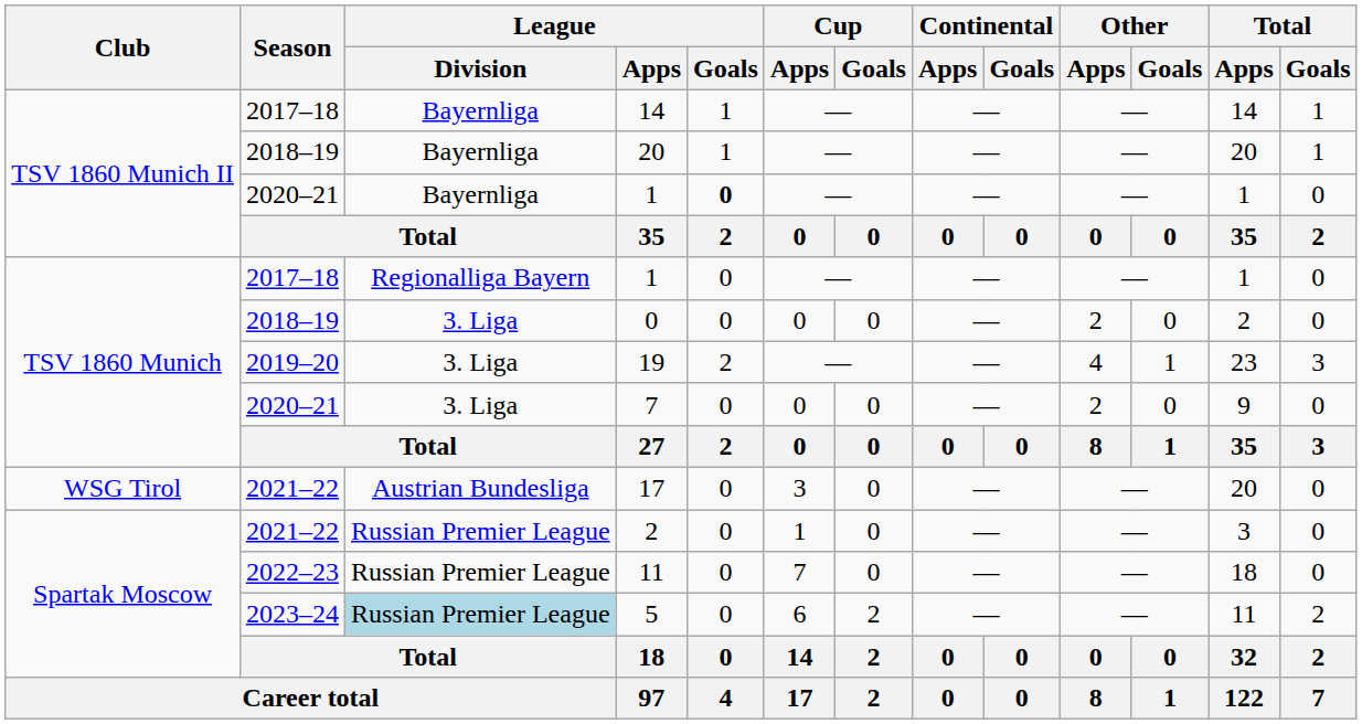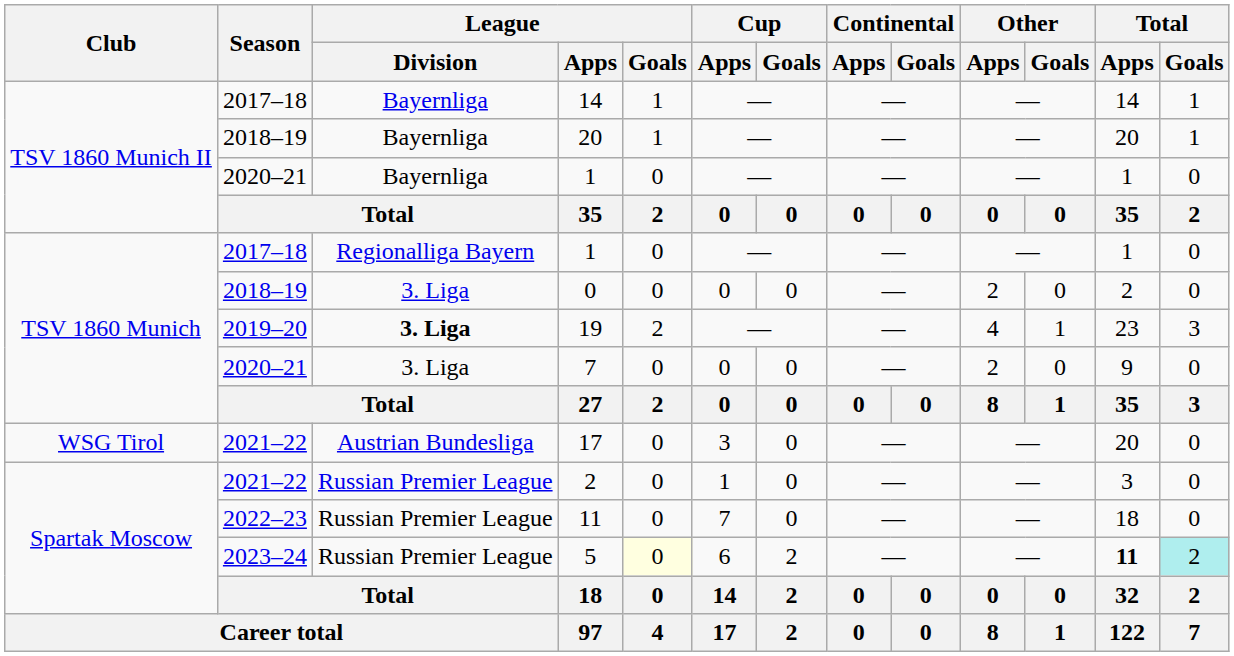 <table class="wikitable" style="text-align: center;">
 <tr>
 <th rowspan=2>Club</th>
 <th rowspan=2>Season</th>
 <th colspan=3>League</th>
 <th colspan=2>Cup</th>
 <th colspan=2>Continental</th>
 <th colspan=2>Other</th>
 <th colspan=2>Total</th>
 </tr>
 <tr>
 <th>Division</th>
 <th>Apps</th>
 <th>Goals</th>
 <th>Apps</th>
 <th>Goals</th>
 <th>Apps</th>
 <th>Goals</th>
 <th>Apps</th>
 <th>Goals</th>
 <th>Apps</th>
 <th>Goals</th>
 </tr>
 <tr>
 <td rowspan="4"><a href='#'>TSV 1860 Munich II</a></td>
 <td>2017–18</td>
 <td><a href='#'>Bayernliga</a></td>
 <td>14</td>
 <td>1</td>
 <td colspan=2>—</td>
 <td colspan=2>—</td>
 <td colspan=2>—</td>
 <td>14</td>
 <td>1</td>
 </tr>
 <tr>
 <td>2018–19</td>
 <td>Bayernliga</td>
 <td>20</td>
 <td>1</td>
 <td colspan=2>—</td>
 <td colspan=2>—</td>
 <td colspan=2>—</td>
 <td>20</td>
 <td>1</td>
 </tr>
 <tr>
 <td>2020–21</td>
 <td>Bayernliga</td>
 <td>1</td>
-<td><strong>0</strong></td>
+<td>0</td>
 <td colspan=2>—</td>
 <td colspan=2>—</td>
 <td colspan=2>—</td>
 <td>1</td>
 <td>0</td>
 </tr>
 <tr>
 <th colspan=2>Total</th>
 <th>35</th>
 <th>2</th>
 <th>0</th>
 <th>0</th>
 <th>0</th>
 <th>0</th>
 <th>0</th>
 <th>0</th>
 <th>35</th>
 <th>2</th>
 </tr>
 <tr>
 <td rowspan="5"><a href='#'>TSV 1860 Munich</a></td>
 <td><a href='#'>2017–18</a></td>
 <td><a href='#'>Regionalliga Bayern</a></td>
 <td>1</td>
 <td>0</td>
 <td colspan=2>—</td>
 <td colspan=2>—</td>
 <td colspan=2>—</td>
 <td>1</td>
 <td>0</td>
 </tr>
 <tr>
 <td><a href='#'>2018–19</a></td>
 <td><a href='#'>3. Liga</a></td>
 <td>0</td>
 <td>0</td>
 <td>0</td>
 <td>0</td>
 <td colspan=2>—</td>
 <td>2</td>
 <td>0</td>
 <td>2</td>
 <td>0</td>
 </tr>
 <tr>
 <td><a href='#'>2019–20</a></td>
-<td>3. Liga</td>
+<td><strong>3. Liga</strong></td>
 <td>19</td>
 <td>2</td>
 <td colspan=2>—</td>
 <td colspan=2>—</td>
 <td>4</td>
 <td>1</td>
 <td>23</td>
 <td>3</td>
 </tr>
 <tr>
 <td><a href='#'>2020–21</a></td>
 <td>3. Liga</td>
 <td>7</td>
 <td>0</td>
 <td>0</td>
 <td>0</td>
 <td colspan=2>—</td>
 <td>2</td>
 <td>0</td>
 <td>9</td>
 <td>0</td>
 </tr>
 <tr>
 <th colspan=2>Total</th>
 <th>27</th>
 <th>2</th>
 <th>0</th>
 <th>0</th>
 <th>0</th>
 <th>0</th>
 <th>8</th>
 <th>1</th>
 <th>35</th>
 <th>3</th>
 </tr>
 <tr>
 <td><a href='#'>WSG Tirol</a></td>
 <td><a href='#'>2021–22</a></td>
 <td><a href='#'>Austrian Bundesliga</a></td>
 <td>17</td>
 <td>0</td>
 <td>3</td>
 <td>0</td>
 <td colspan=2>—</td>
 <td colspan=2>—</td>
 <td>20</td>
 <td>0</td>
 </tr>
 <tr>
 <td rowspan="4"><a href='#'>Spartak Moscow</a></td>
 <td><a href='#'>2021–22</a></td>
 <td><a href='#'>Russian Premier League</a></td>
 <td>2</td>
 <td>0</td>
 <td>1</td>
 <td>0</td>
 <td colspan=2>—</td>
 <td colspan=2>—</td>
 <td>3</td>
 <td>0</td>
 </tr>
 <tr>
 <td><a href='#'>2022–23</a></td>
 <td>Russian Premier League</td>
 <td>11</td>
 <td>0</td>
 <td>7</td>
 <td>0</td>
 <td colspan=2>—</td>
 <td colspan=2>—</td>
 <td>18</td>
 <td>0</td>
 </tr>
 <tr>
 <td><a href='#'>2023–24</a></td>
-<td style="background: lightblue;">Russian Premier League</td>
+<td>Russian Premier League</td>
 <td>5</td>
-<td>0</td>
+<td style="background: lightyellow;">0</td>
 <td>6</td>
 <td>2</td>
 <td colspan=2>—</td>
 <td colspan=2>—</td>
-<td>11</td>
-<td>2</td>
+<td><strong>11</strong></td>
+<td style="background: paleturquoise;">2</td>
 </tr>
 <tr>
 <th colspan=2>Total</th>
 <th>18</th>
 <th>0</th>
 <th>14</th>
 <th>2</th>
 <th>0</th>
 <th>0</th>
 <th>0</th>
 <th>0</th>
 <th>32</th>
 <th>2</th>
 </tr>
 <tr>
 <th colspan=3>Career total</th>
 <th>97</th>
 <th>4</th>
 <th>17</th>
 <th>2</th>
 <th>0</th>
 <th>0</th>
 <th>8</th>
 <th>1</th>
 <th>122</th>
 <th>7</th>
 </tr>
 </table>
